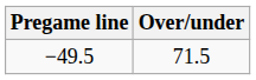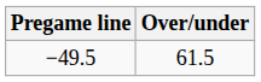 <table class="wikitable" style="margin-left: auto; margin-right: auto; border: none; display: inline-table;">
 <tr style="text-align:center">
 <th style=>Pregame line</th>
 <th style=>Over/under</th>
 </tr>
 <tr style="text-align:center">
 <td>−49.5</td>
-<td>71.5</td>
+<td>61.5</td>
 </tr>
 </table>
